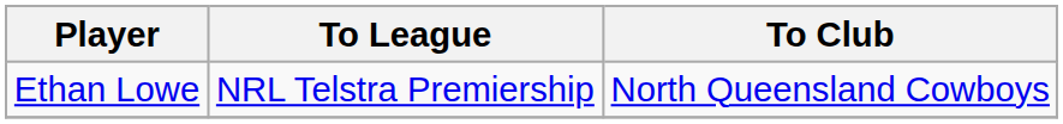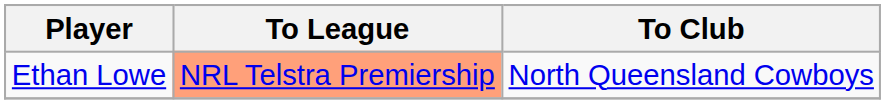 <table class="wikitable" style="font-size:90%">
 <tr bgcolor="#efefef">
 <th width=" ">Player</th>
 <th width=" ">To League</th>
 <th width=" ">To Club</th>
 </tr>
 <tr>
 <td> <a href='#'>Ethan Lowe</a></td>
-<td><a href='#'>NRL Telstra Premiership</a></td>
+<td style="background: lightsalmon;"><a href='#'>NRL Telstra Premiership</a></td>
 <td> <a href='#'>North Queensland Cowboys</a></td>
 </tr>
 <tr>
 </tr>
 </table>
